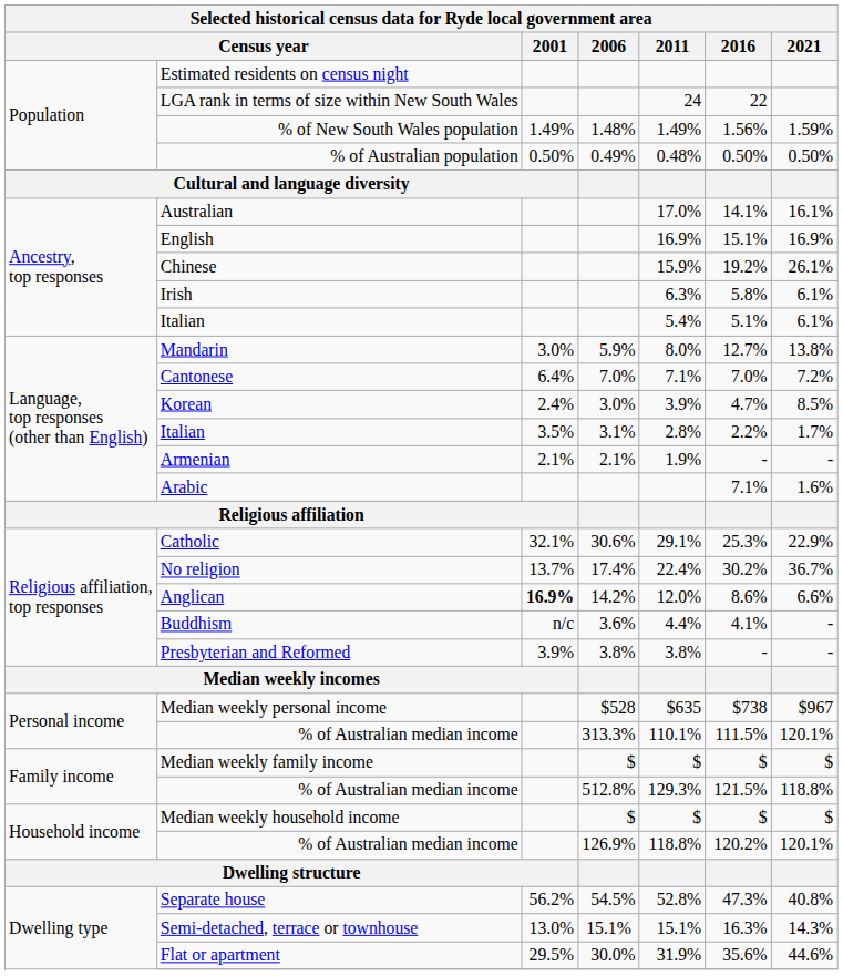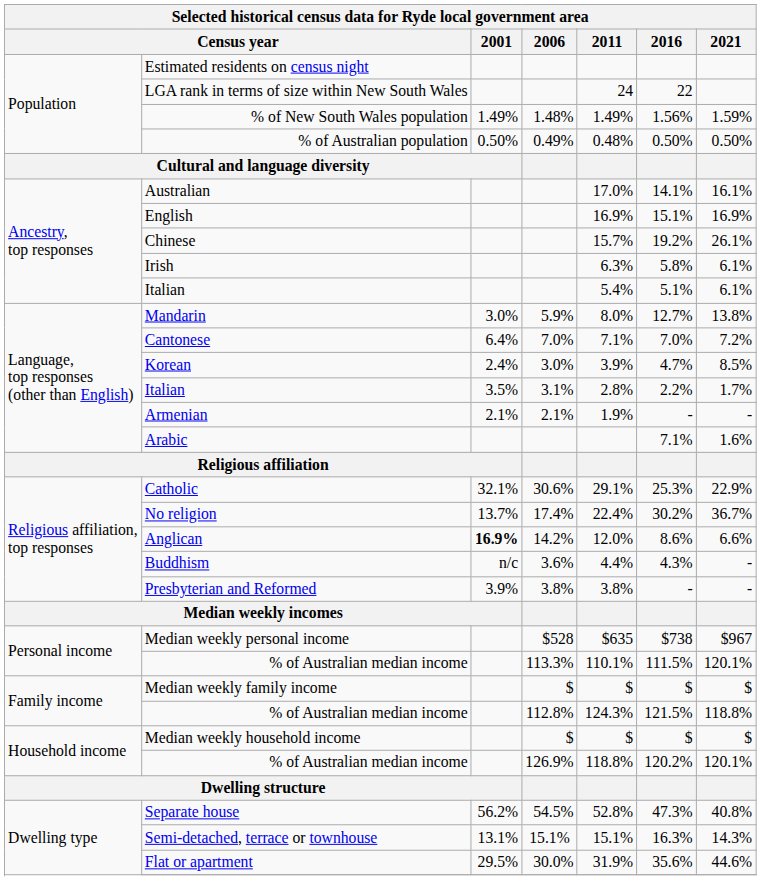 <table class="wikitable">
 <tr>
 <th colspan=8>Selected historical census data for Ryde local government area</th>
 </tr>
 <tr>
 <th colspan=3>Census year</th>
 <th>2001</th>
 <th>2006</th>
 <th>2011</th>
 <th>2016</th>
 <th>2021</th>
 </tr>
 <tr>
 <td rowspan=4 colspan="2">Population</td>
 <td>Estimated residents on <a href='#'>census night</a></td>
 <td align="right"> </td>
 <td align="right"> </td>
 <td align="right"> </td>
 <td align="right"> </td>
 <td align="right"> </td>
 </tr>
 <tr>
 <td align="right">LGA rank in terms of size within New South Wales</td>
 <td align="right"></td>
 <td align="right"><small></small></td>
 <td align="right">24</td>
 <td align="right"> 22</td>
 <td></td>
 </tr>
 <tr>
 <td align="right">% of New South Wales population</td>
 <td align="right">1.49%</td>
 <td align="right"> 1.48%</td>
 <td align="right"> 1.49%</td>
 <td align="right"> 1.56%</td>
 <td align="right"> 1.59%</td>
 </tr>
 <tr>
 <td align="right">% of Australian population</td>
 <td align="right">0.50%</td>
 <td align="right"> 0.49%</td>
 <td align="right"> 0.48%</td>
 <td align="right"> 0.50%</td>
 <td align="right"> 0.50%</td>
 </tr>
 <tr>
 <th colspan=4>Cultural and language diversity</th>
 <th></th>
 <th></th>
 <th></th>
 <th></th>
 </tr>
 <tr>
 <td rowspan=5 colspan=2><a href='#'>Ancestry</a>,<br>top responses</td>
 <td>Australian</td>
 <td align="right"></td>
 <td align="right"></td>
 <td align="right">17.0%</td>
 <td align="right"> 14.1%</td>
 <td align="right"> 16.1%</td>
 </tr>
 <tr>
 <td>English</td>
 <td align="right"></td>
 <td align="right"></td>
 <td align="right">16.9%</td>
 <td align="right"> 15.1%</td>
 <td align="right"> 16.9%</td>
 </tr>
 <tr>
 <td>Chinese</td>
 <td align="right"></td>
 <td align="right"></td>
-<td align="right">15.9%</td>
+<td align="right">15.7%</td>
 <td align="right"> 19.2%</td>
 <td align="right"> 26.1%</td>
 </tr>
 <tr>
 <td>Irish</td>
 <td align="right"></td>
 <td align="right"></td>
 <td align="right">6.3%</td>
 <td align="right"> 5.8%</td>
 <td align="right"> 6.1%</td>
 </tr>
 <tr>
 <td>Italian</td>
 <td align="right"></td>
 <td align="right"></td>
 <td align="right">5.4%</td>
 <td align="right"> 5.1%</td>
 <td align="right"> 6.1%</td>
 </tr>
 <tr>
 <td rowspan=6 colspan=2>Language,<br>top responses<br>(other than <a href='#'>English</a>)</td>
 <td><a href='#'>Mandarin</a></td>
 <td align="right">3.0%</td>
 <td align="right"> 5.9%</td>
 <td align="right"> 8.0%</td>
 <td align="right"> 12.7%</td>
 <td align="right"> 13.8%</td>
 </tr>
 <tr>
 <td><a href='#'>Cantonese</a></td>
 <td align="right">6.4%</td>
 <td align="right"> 7.0%</td>
 <td align="right"> 7.1%</td>
 <td align="right"> 7.0%</td>
 <td align="right"> 7.2%</td>
 </tr>
 <tr>
 <td><a href='#'>Korean</a></td>
 <td align="right">2.4%</td>
 <td align="right"> 3.0%</td>
 <td align="right"> 3.9%</td>
 <td align="right"> 4.7%</td>
 <td align="right"> 8.5%</td>
 </tr>
 <tr>
 <td><a href='#'>Italian</a></td>
 <td align="right">3.5%</td>
 <td align="right"> 3.1%</td>
 <td align="right"> 2.8%</td>
 <td align="right"> 2.2%</td>
 <td align="right"> 1.7%</td>
 </tr>
 <tr>
 <td><a href='#'>Armenian</a></td>
 <td align="right">2.1%</td>
 <td align="right"> 2.1%</td>
 <td align="right"> 1.9%</td>
 <td align="right">-</td>
 <td align="right">-</td>
 </tr>
 <tr>
 <td><a href='#'>Arabic</a></td>
 <td align="right"></td>
 <td align="right"></td>
 <td align="right"></td>
 <td align="right">7.1%</td>
 <td align="right"> 1.6%</td>
 </tr>
 <tr>
 <th colspan=4>Religious affiliation</th>
 <th></th>
 <th></th>
 <th></th>
 <th></th>
 </tr>
 <tr>
 <td rowspan=5 colspan=2><a href='#'>Religious</a> affiliation,<br>top responses</td>
 <td><a href='#'>Catholic</a></td>
 <td align="right">32.1%</td>
 <td align="right"> 30.6%</td>
 <td align="right"> 29.1%</td>
 <td align="right"> 25.3%</td>
 <td align="right"> 22.9%</td>
 </tr>
 <tr>
 <td><a href='#'>No religion</a></td>
 <td align="right">13.7%</td>
 <td align="right"> 17.4%</td>
 <td align="right"> 22.4%</td>
 <td align="right"> 30.2%</td>
 <td align="right"> 36.7%</td>
 </tr>
 <tr>
 <td><a href='#'>Anglican</a></td>
 <td align="right"><strong>16.9%</strong></td>
 <td align="right"> 14.2%</td>
 <td align="right"> 12.0%</td>
 <td align="right"> 8.6%</td>
 <td align="right"> 6.6%</td>
 </tr>
 <tr>
 <td><a href='#'>Buddhism</a></td>
 <td align="right">n/c</td>
 <td align="right"> 3.6%</td>
 <td align="right"> 4.4%</td>
-<td align="right"> 4.1%</td>
+<td align="right"> 4.3%</td>
 <td align="right">-</td>
 </tr>
 <tr>
 <td><a href='#'>Presbyterian and Reformed</a></td>
 <td align="right">3.9%</td>
 <td align="right"> 3.8%</td>
 <td align="right"> 3.8%</td>
 <td align="right">-</td>
 <td align="right">-</td>
 </tr>
 <tr>
 <th colspan=4>Median weekly incomes</th>
 <th></th>
 <th></th>
 <th></th>
 <th></th>
 </tr>
 <tr>
 <td rowspan=2 colspan=2>Personal income</td>
 <td>Median weekly personal income</td>
 <td align="right"></td>
 <td align="right">$528</td>
 <td align="right"> $635</td>
 <td align="right"> $738</td>
 <td align="right"> $967</td>
 </tr>
 <tr>
 <td align="right">% of Australian median income</td>
 <td align="right"></td>
-<td align="right">313.3%</td>
+<td align="right">113.3%</td>
 <td align="right"> 110.1%</td>
 <td align="right"> 111.5%</td>
 <td align="right"> 120.1%</td>
 </tr>
 <tr>
 <td rowspan=2 colspan=2>Family income</td>
 <td>Median weekly family income</td>
 <td align="right"></td>
 <td align="right">$</td>
 <td align="right"> $</td>
 <td align="right"> $</td>
 <td align="right"> $</td>
 </tr>
 <tr>
 <td align="right">% of Australian median income</td>
 <td align="right"></td>
-<td align="right">512.8%</td>
-<td align="right"> 129.3%</td>
+<td align="right">112.8%</td>
+<td align="right"> 124.3%</td>
 <td align="right"> 121.5%</td>
 <td align="right"> 118.8%</td>
 </tr>
 <tr>
 <td rowspan=2 colspan=2>Household income</td>
 <td>Median weekly household income</td>
 <td align="right"></td>
 <td align="right">$</td>
 <td align="right"> $</td>
 <td align="right"> $</td>
 <td align="right"> $</td>
 </tr>
 <tr>
 <td align="right">% of Australian median income</td>
 <td align="right"></td>
 <td align="right">126.9%</td>
 <td align="right"> 118.8%</td>
 <td align="right"> 120.2%</td>
 <td align="right"> 120.1%</td>
 </tr>
 <tr>
 <th colspan=4>Dwelling structure</th>
 <th></th>
 <th></th>
 <th></th>
 <th></th>
 </tr>
 <tr>
 <td rowspan=4 colspan=2>Dwelling type</td>
 <td><a href='#'>Separate house</a></td>
 <td align="right">56.2%</td>
 <td align="right"> 54.5%</td>
 <td align="right"> 52.8%</td>
 <td align="right"> 47.3%</td>
 <td align="right"> 40.8%</td>
 </tr>
 <tr>
 <td><a href='#'>Semi-detached</a>, <a href='#'>terrace</a> or <a href='#'>townhouse</a></td>
-<td align="right">13.0%</td>
+<td align="right">13.1%</td>
 <td align="right">15.1% </td>
 <td align="right"> 15.1%</td>
 <td align="right"> 16.3%</td>
 <td align="right"> 14.3%</td>
 </tr>
 <tr>
 <td><a href='#'>Flat or apartment</a></td>
 <td align="right">29.5%</td>
 <td align="right"> 30.0%</td>
 <td align="right"> 31.9%</td>
 <td align="right"> 35.6%</td>
 <td align="right"> 44.6%</td>
 </tr>
 <tr>
 </tr>
 </table>
